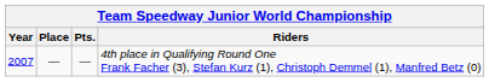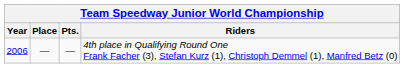 <table class=wikitable style="font-size: 90%;">
 <tr>
 <th colspan=4><big><a href='#'>Team Speedway Junior World Championship</a></big></th>
 </tr>
 <tr>
 <th>Year</th>
 <th>Place</th>
 <th>Pts.</th>
 <th>Riders</th>
 </tr>
 <tr align=center >
-<td><a href='#'>2007</a></td>
+<td><a href='#'>2006</a></td>
 <td>—</td>
 <td>—</td>
 <td align=left><em>4th place in Qualifying Round One</em> <br> <a href='#'>Frank Facher</a> (3), <a href='#'>Stefan Kurz</a> (1), <a href='#'>Christoph Demmel</a> (1), <a href='#'>Manfred Betz</a> (0)</td>
 </tr>
 </table>
